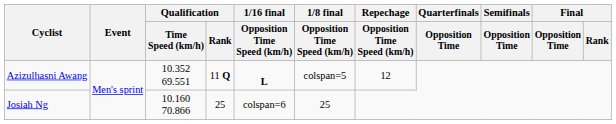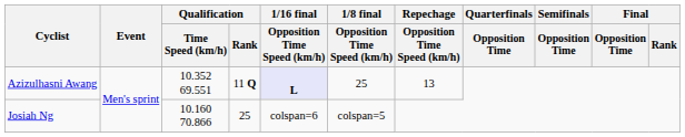 <table class="wikitable" style="font-size:90%">
 <tr>
 <th rowspan=2>Cyclist</th>
 <th rowspan=2>Event</th>
 <th colspan=2>Qualification</th>
 <th>1/16 final</th>
 <th>1/8 final</th>
 <th>Repechage</th>
 <th>Quarterfinals</th>
 <th>Semifinals</th>
 <th colspan=2>Final</th>
 </tr>
 <tr style="font-size:95%">
 <th>Time<br>Speed (km/h)</th>
 <th>Rank</th>
 <th>Opposition<br>Time<br>Speed (km/h)</th>
 <th>Opposition<br>Time<br>Speed (km/h)</th>
 <th>Opposition<br>Time<br>Speed (km/h)</th>
 <th>Opposition<br>Time</th>
 <th>Opposition<br>Time</th>
 <th>Opposition<br>Time</th>
 <th>Rank</th>
 </tr>
 <tr align=center>
 <td align=left><a href='#'>Azizulhasni Awang</a></td>
 <td align=left rowspan=2><a href='#'>Men's sprint</a></td>
 <td>10.352<br>69.551</td>
 <td>11 <strong>Q</strong></td>
-<td><br><strong>L</strong></td>
-<td>colspan=5 </td>
-<td>12</td>
+<td style="background: lavender;"><br><strong>L</strong></td>
+<td>25</td>
+<td>13</td>
 </tr>
 <tr align=center>
 <td align=left><a href='#'>Josiah Ng</a></td>
 <td>10.160<br>70.866</td>
 <td>25</td>
 <td>colspan=6 </td>
-<td>25</td>
+<td>colspan=5 </td>
 </tr>
 </table>
